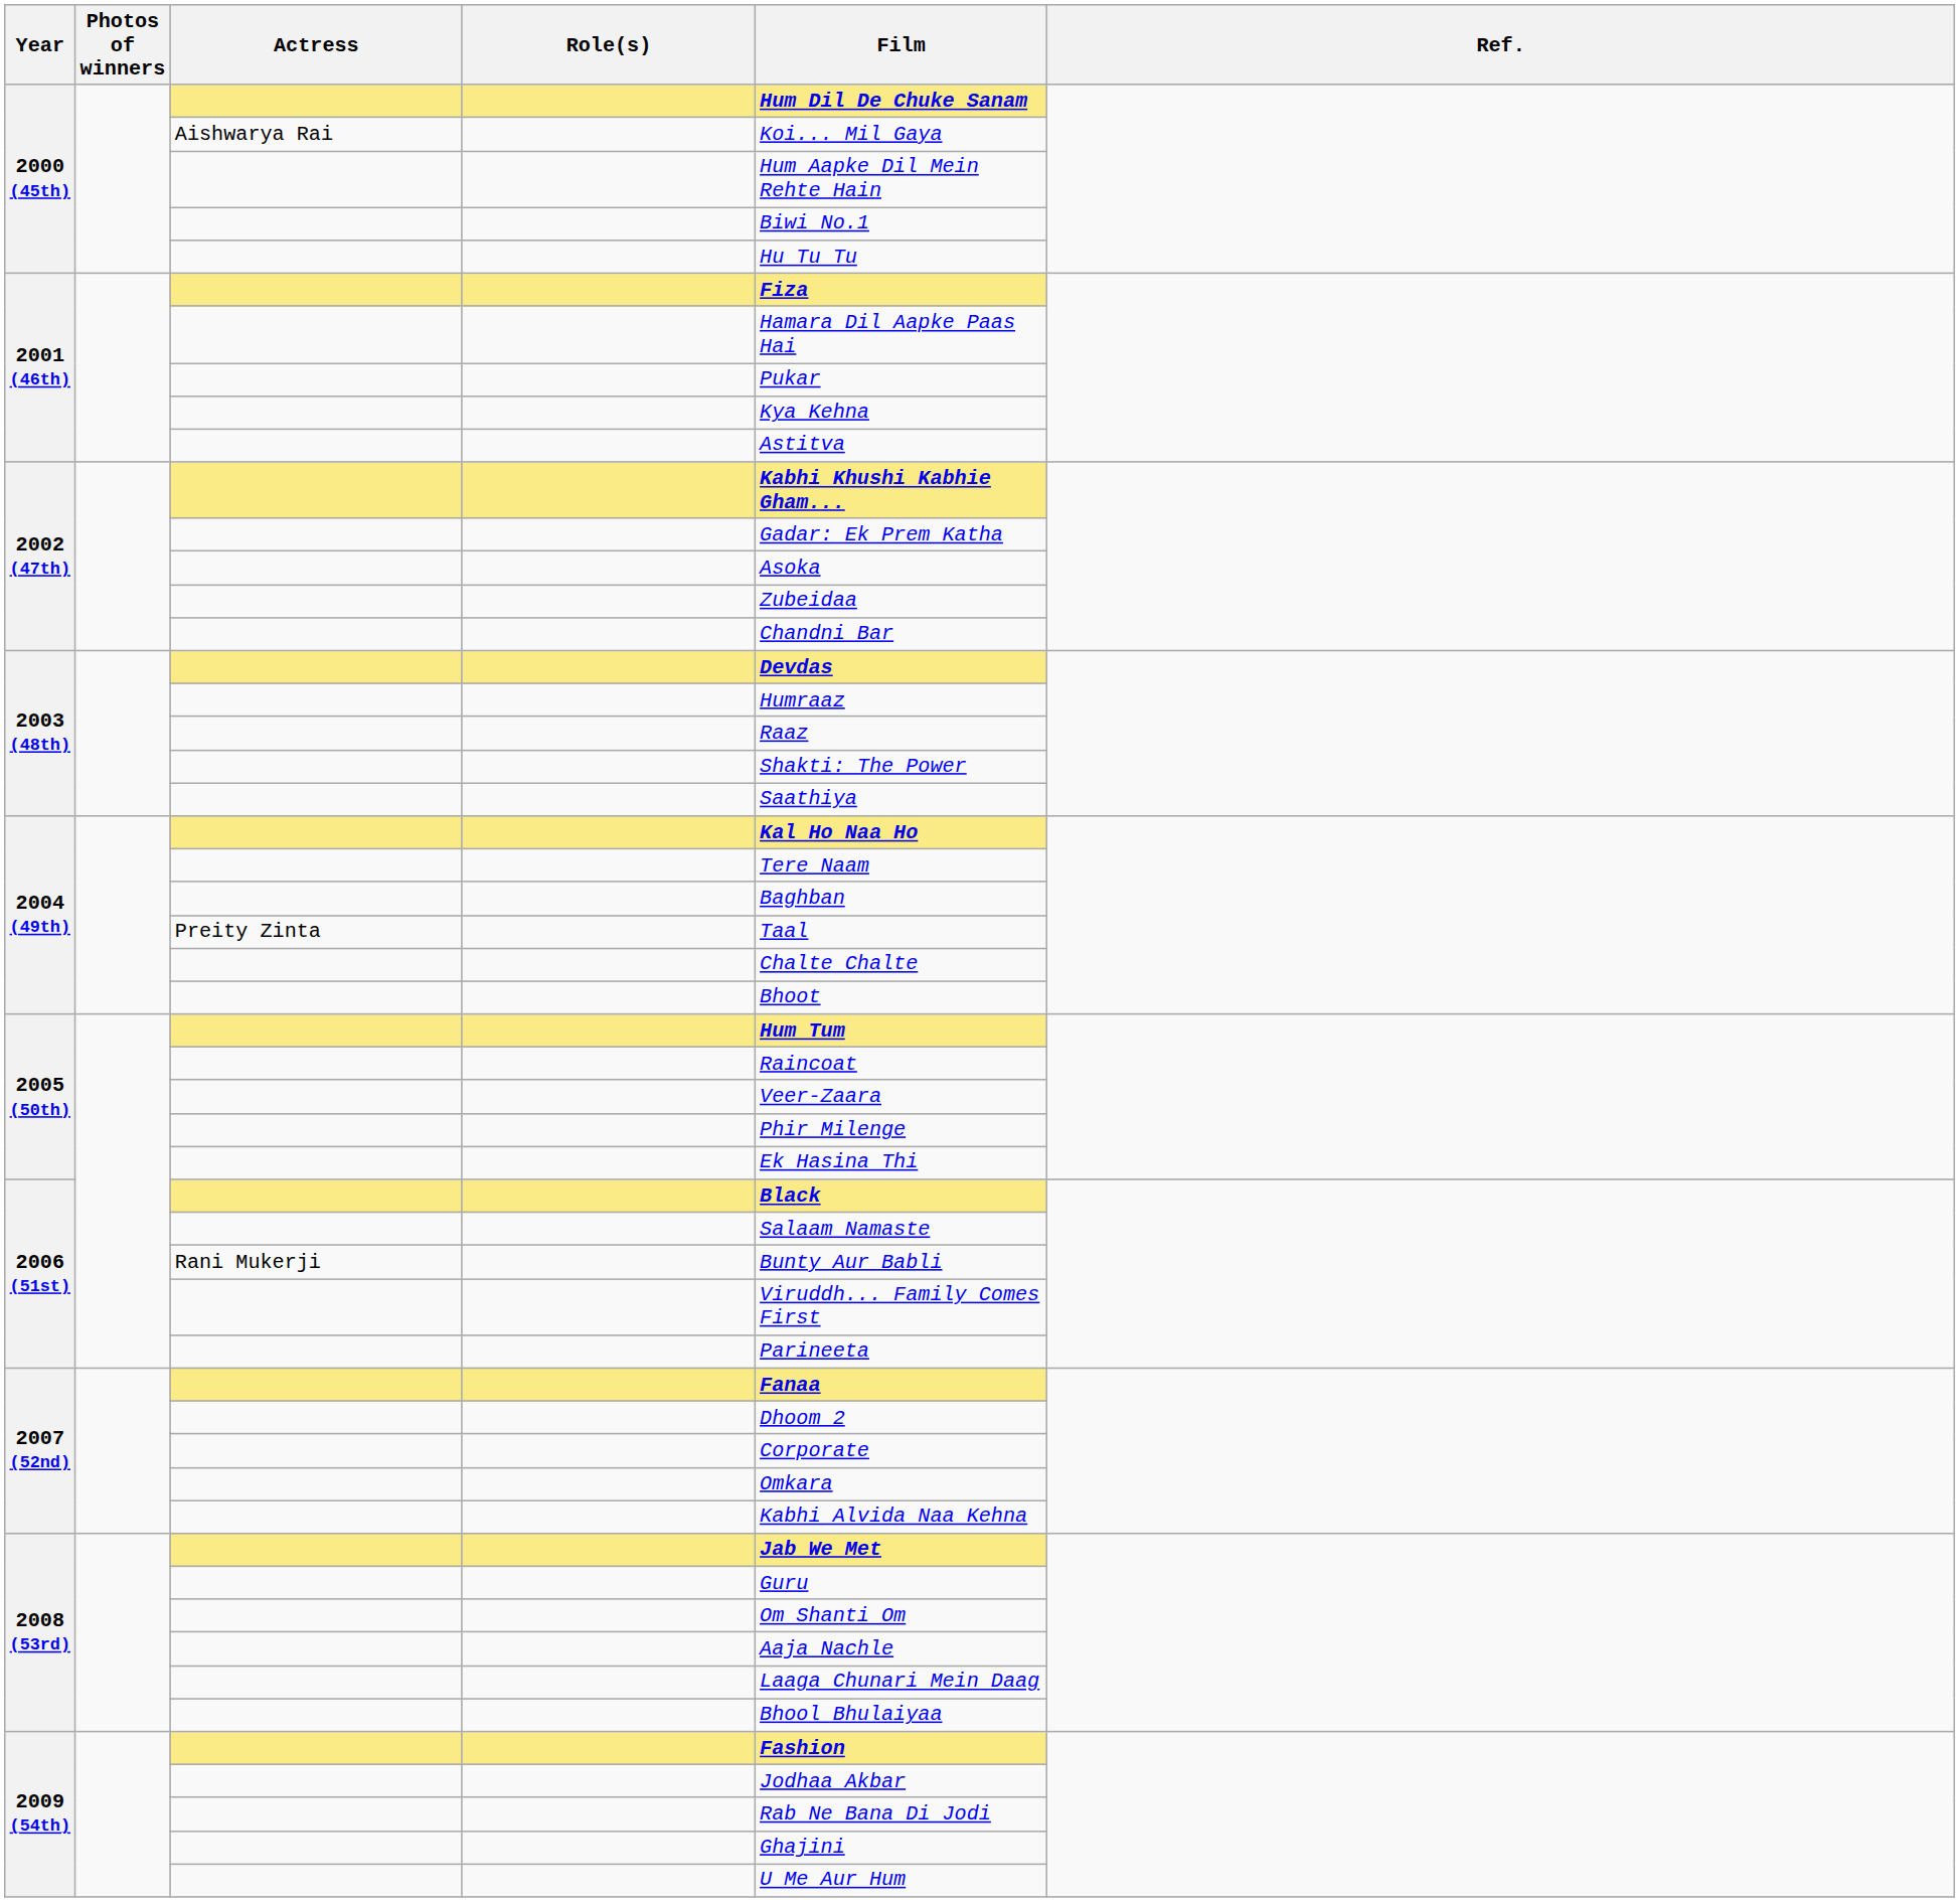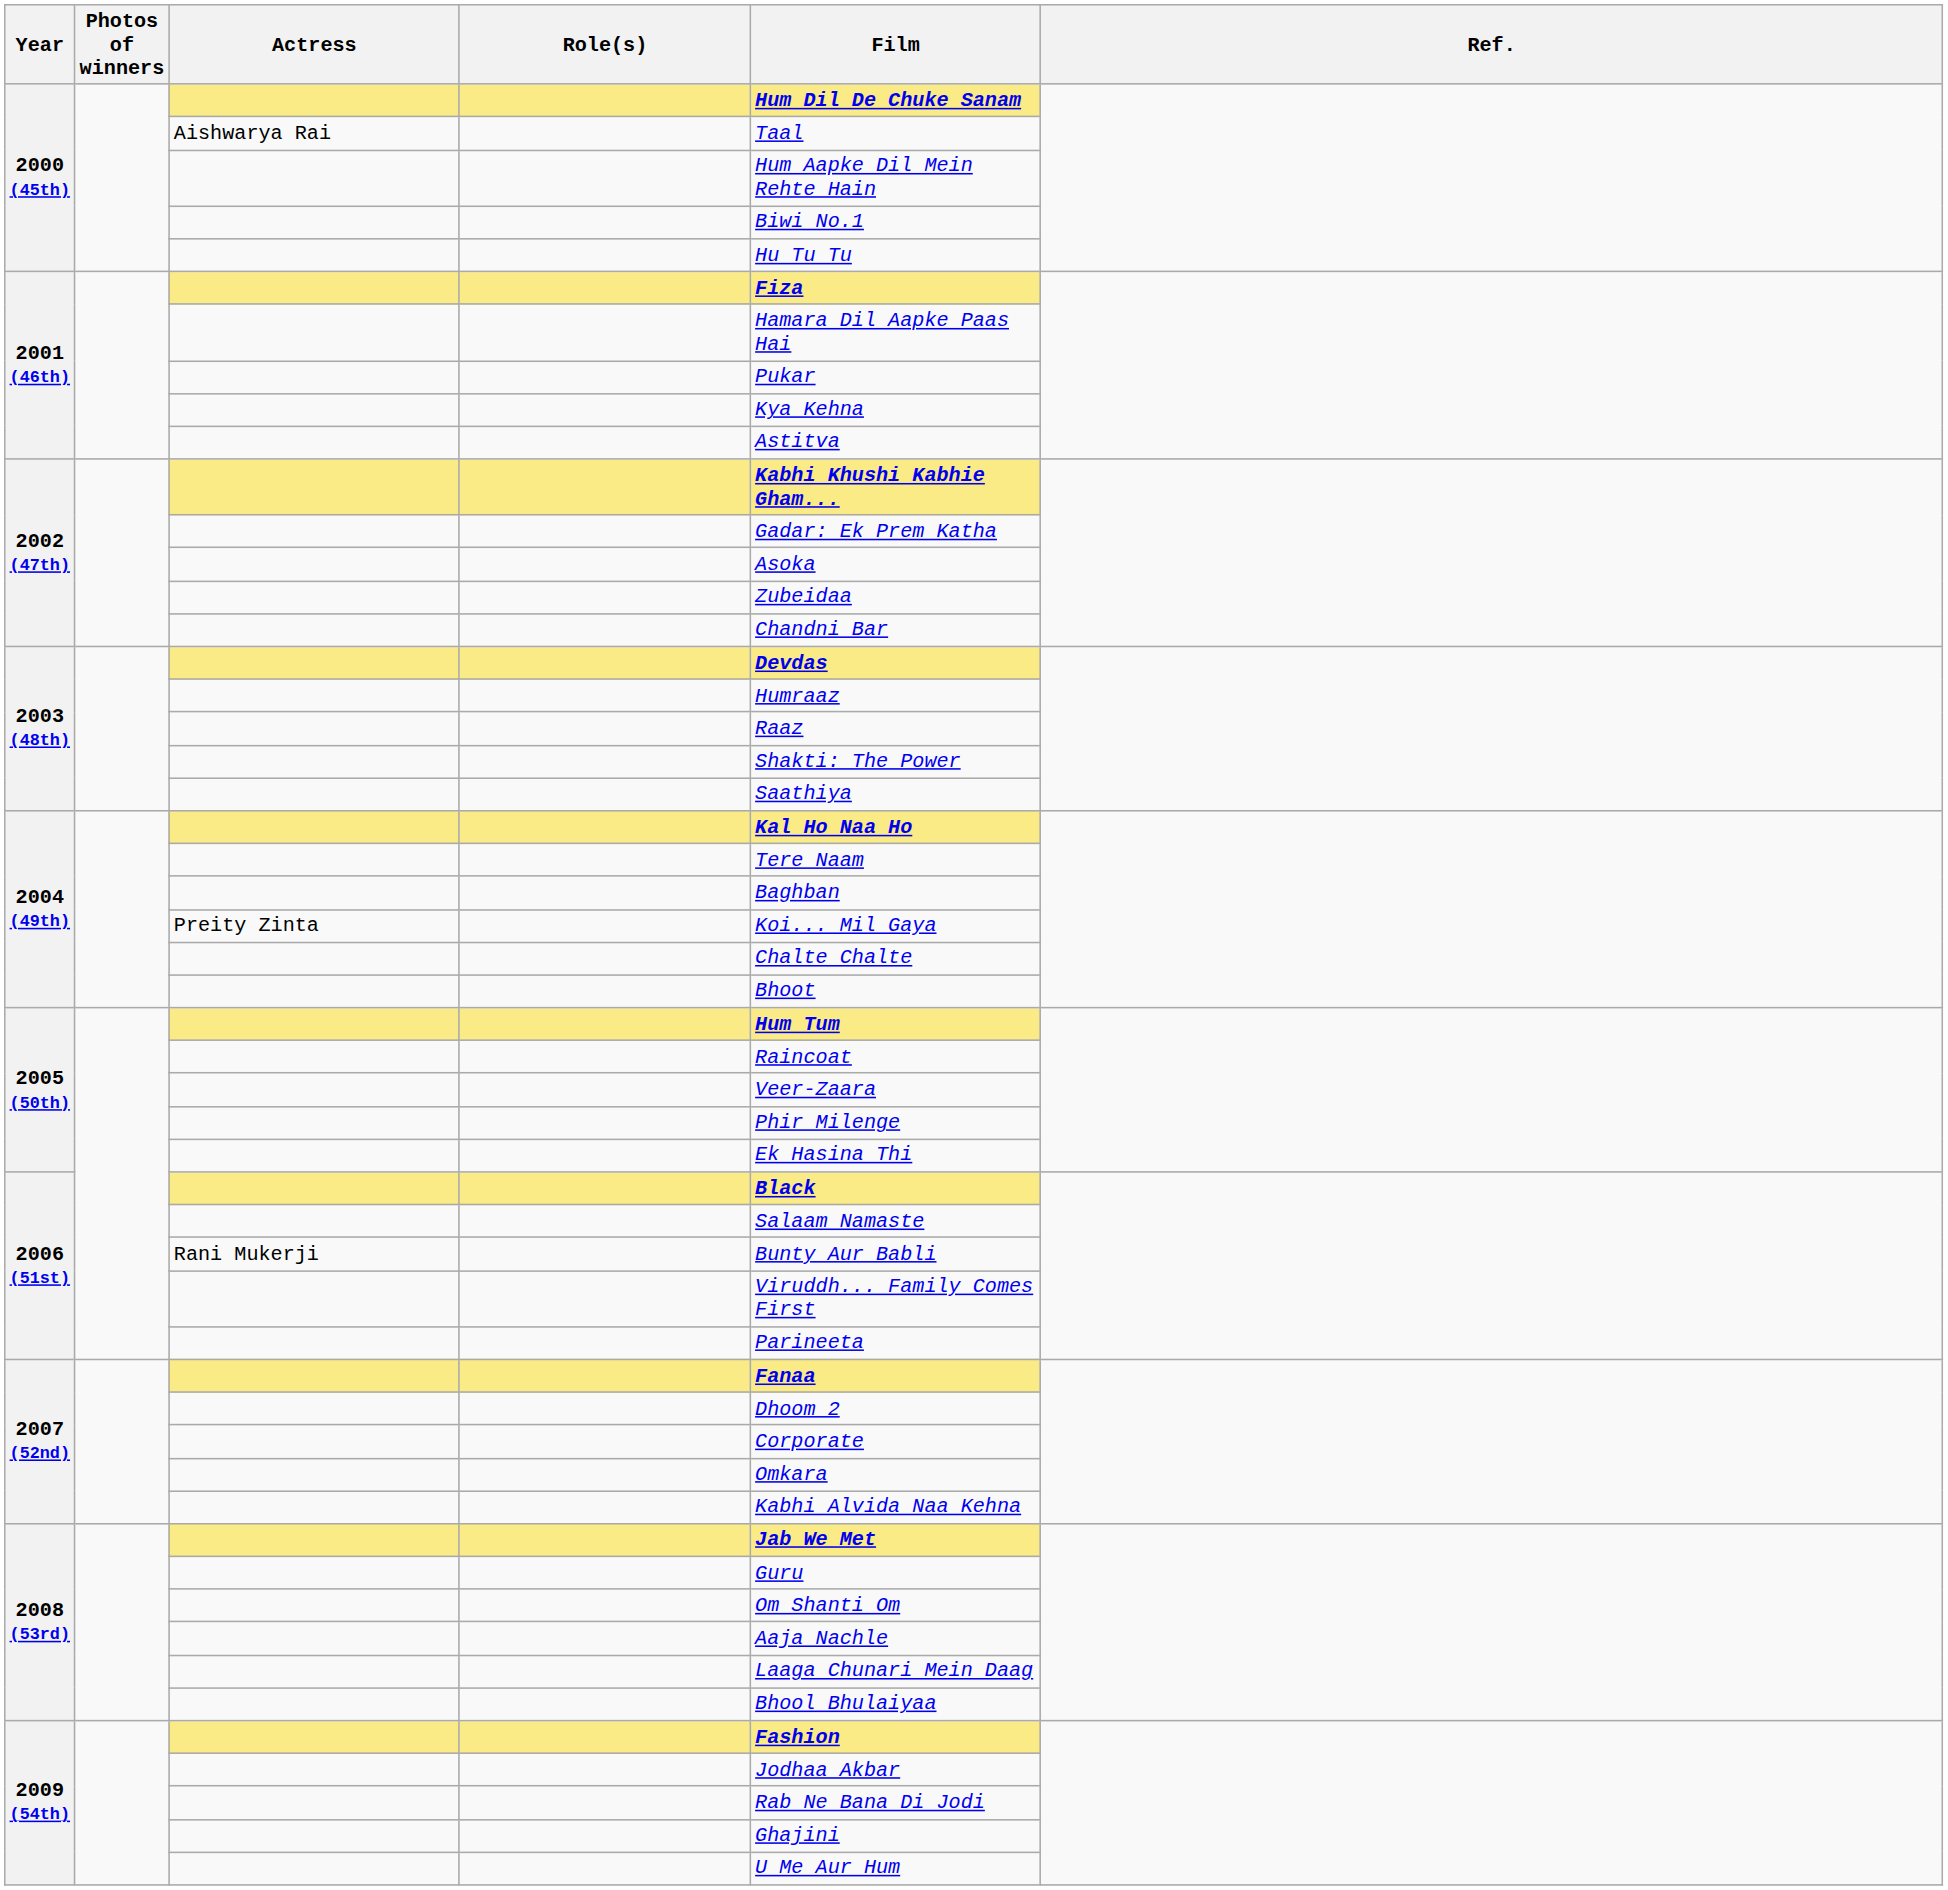 <table class="wikitable sortable" style="text-align:left;">
 <tr>
 <th scope="col" style="width:3%; text-align:center;">Year</th>
 <th scope="col" style="width:3%;text-align:center;">Photos of winners</th>
 <th scope="col" style="width:15%;text-align:center;">Actress</th>
 <th scope="col" style="width:15%;text-align:center;">Role(s)</th>
 <th scope="col" style="width:15%;text-align:center;">Film</th>
 <th>Ref.</th>
 </tr>
 <tr>
 <th scope="row" rowspan=5 style="text-align:center">2000 <br><small><a href='#'>(45th)</a> </small></th>
 <td rowspan=5 style="text-align:center"></td>
 <td style="background:#FAEB86;"><strong></strong> </td>
 <td style="background:#FAEB86;"><strong></strong></td>
 <td style="background:#FAEB86;"><strong><em><a href='#'>Hum Dil De Chuke Sanam</a></em></strong></td>
 <td rowspan="5"></td>
 </tr>
 <tr>
 <td>Aishwarya Rai</td>
 <td></td>
-<td><em><a href='#'>Koi... Mil Gaya</a></em></td>
+<td><em><a href='#'>Taal</a></em></td>
 </tr>
 <tr>
 <td></td>
 <td></td>
 <td><em><a href='#'>Hum Aapke Dil Mein Rehte Hain</a></em></td>
 </tr>
 <tr>
 <td></td>
 <td></td>
 <td><em><a href='#'>Biwi No.1</a></em></td>
 </tr>
 <tr>
 <td></td>
 <td></td>
 <td><em><a href='#'>Hu Tu Tu</a></em></td>
 </tr>
 <tr>
 <th scope="row" rowspan=5 style="text-align:center">2001 <br><small><a href='#'>(46th)</a> </small></th>
 <td rowspan=5 style="text-align:center"></td>
 <td style="background:#FAEB86;"><strong></strong> </td>
 <td style="background:#FAEB86;"><strong></strong></td>
 <td style="background:#FAEB86;"><strong><em><a href='#'>Fiza</a></em></strong></td>
 <td rowspan="5"></td>
 </tr>
 <tr>
 <td></td>
 <td></td>
 <td><em><a href='#'>Hamara Dil Aapke Paas Hai</a></em></td>
 </tr>
 <tr>
 <td></td>
 <td></td>
 <td><em><a href='#'>Pukar</a></em></td>
 </tr>
 <tr>
 <td></td>
 <td></td>
 <td><em><a href='#'>Kya Kehna</a></em></td>
 </tr>
 <tr>
 <td></td>
 <td></td>
 <td><em><a href='#'>Astitva</a></em></td>
 </tr>
 <tr>
 <th scope="row" rowspan=5 style="text-align:center">2002 <br><small><a href='#'>(47th)</a> </small></th>
 <td rowspan=5 style="text-align:center"></td>
 <td style="background:#FAEB86;"><strong></strong> </td>
 <td style="background:#FAEB86;"><strong></strong></td>
 <td style="background:#FAEB86;"><strong><em><a href='#'>Kabhi Khushi Kabhie Gham...</a></em></strong></td>
 <td rowspan="5"></td>
 </tr>
 <tr>
 <td></td>
 <td></td>
 <td><em><a href='#'>Gadar: Ek Prem Katha</a></em></td>
 </tr>
 <tr>
 <td></td>
 <td></td>
 <td><em><a href='#'>Asoka</a></em></td>
 </tr>
 <tr>
 <td></td>
 <td></td>
 <td><em><a href='#'>Zubeidaa</a></em></td>
 </tr>
 <tr>
 <td></td>
 <td></td>
 <td><em><a href='#'>Chandni Bar</a></em></td>
 </tr>
 <tr>
 <th scope="row" rowspan=5 style="text-align:center">2003 <br><small><a href='#'>(48th)</a> </small></th>
 <td rowspan=5 style="text-align:center"></td>
 <td style="background:#FAEB86;"><strong></strong> </td>
 <td style="background:#FAEB86;"><strong></strong></td>
 <td style="background:#FAEB86;"><strong><em><a href='#'>Devdas</a></em></strong></td>
 <td rowspan="5"></td>
 </tr>
 <tr>
 <td></td>
 <td></td>
 <td><em><a href='#'>Humraaz</a></em></td>
 </tr>
 <tr>
 <td></td>
 <td></td>
 <td><em><a href='#'>Raaz</a></em></td>
 </tr>
 <tr>
 <td></td>
 <td></td>
 <td><em><a href='#'>Shakti: The Power</a></em></td>
 </tr>
 <tr>
 <td></td>
 <td></td>
 <td><em><a href='#'>Saathiya</a></em></td>
 </tr>
 <tr>
 <th scope="row" rowspan=6 style="text-align:center">2004 <br><small><a href='#'>(49th)</a> </small></th>
 <td rowspan=6 style="text-align:center"></td>
 <td style="background:#FAEB86;"><strong></strong> </td>
 <td style="background:#FAEB86;"><strong></strong></td>
 <td style="background:#FAEB86;"><strong><em><a href='#'>Kal Ho Naa Ho</a></em></strong></td>
 <td rowspan="6"></td>
 </tr>
 <tr>
 <td></td>
 <td></td>
 <td><em><a href='#'>Tere Naam</a></em></td>
 </tr>
 <tr>
 <td></td>
 <td></td>
 <td><em><a href='#'>Baghban</a></em></td>
 </tr>
 <tr>
 <td>Preity Zinta</td>
 <td></td>
-<td><em><a href='#'>Taal</a></em></td>
+<td><em><a href='#'>Koi... Mil Gaya</a></em></td>
 </tr>
 <tr>
 <td></td>
 <td></td>
 <td><em><a href='#'>Chalte Chalte</a></em></td>
 </tr>
 <tr>
 <td></td>
 <td></td>
 <td><em><a href='#'>Bhoot</a></em></td>
 </tr>
 <tr>
 <th scope="row" rowspan=5 style="text-align:center">2005 <br><small><a href='#'>(50th)</a> </small></th>
 <td rowspan="10" style="text-align:center"></td>
 <td style="background:#FAEB86;"><strong></strong> </td>
 <td style="background:#FAEB86;"><strong></strong></td>
 <td style="background:#FAEB86;"><strong><em><a href='#'>Hum Tum</a></em></strong></td>
 <td rowspan="5"></td>
 </tr>
 <tr>
 <td></td>
 <td></td>
 <td><em><a href='#'>Raincoat</a></em></td>
 </tr>
 <tr>
 <td></td>
 <td></td>
 <td><em><a href='#'>Veer-Zaara</a></em></td>
 </tr>
 <tr>
 <td></td>
 <td></td>
 <td><em><a href='#'>Phir Milenge</a></em></td>
 </tr>
 <tr>
 <td></td>
 <td></td>
 <td><em><a href='#'>Ek Hasina Thi</a></em></td>
 </tr>
 <tr>
 <th scope="row" rowspan=5 style="text-align:center">2006 <br><small><a href='#'>(51st)</a> </small></th>
 <td style="background:#FAEB86;"><strong></strong> </td>
 <td style="background:#FAEB86;"><strong></strong></td>
 <td style="background:#FAEB86;"><strong><em><a href='#'>Black</a></em></strong></td>
 <td rowspan="5"></td>
 </tr>
 <tr>
 <td></td>
 <td></td>
 <td><em><a href='#'>Salaam Namaste</a></em></td>
 </tr>
 <tr>
 <td>Rani Mukerji</td>
 <td></td>
 <td><em><a href='#'>Bunty Aur Babli</a></em></td>
 </tr>
 <tr>
 <td></td>
 <td></td>
 <td><em><a href='#'>Viruddh... Family Comes First</a></em></td>
 </tr>
 <tr>
 <td></td>
 <td></td>
 <td><em><a href='#'>Parineeta</a></em></td>
 </tr>
 <tr>
 <th scope="row" rowspan=5 style="text-align:center">2007 <br><small><a href='#'>(52nd)</a> </small></th>
 <td rowspan=5 style="text-align:center"></td>
 <td style="background:#FAEB86;"><strong></strong> </td>
 <td style="background:#FAEB86;"><strong></strong></td>
 <td style="background:#FAEB86;"><strong><em><a href='#'>Fanaa</a></em></strong></td>
 <td rowspan="5"></td>
 </tr>
 <tr>
 <td></td>
 <td></td>
 <td><em><a href='#'>Dhoom 2</a></em></td>
 </tr>
 <tr>
 <td></td>
 <td></td>
 <td><em><a href='#'>Corporate</a></em></td>
 </tr>
 <tr>
 <td></td>
 <td></td>
 <td><em><a href='#'>Omkara</a></em></td>
 </tr>
 <tr>
 <td></td>
 <td></td>
 <td><em><a href='#'>Kabhi Alvida Naa Kehna</a></em></td>
 </tr>
 <tr>
 <th scope="row" rowspan=6 style="text-align:center">2008 <br><small><a href='#'>(53rd)</a> </small></th>
 <td rowspan=6 style="text-align:center"></td>
 <td style="background:#FAEB86;"><strong></strong> </td>
 <td style="background:#FAEB86;"><strong></strong></td>
 <td style="background:#FAEB86;"><strong><em><a href='#'>Jab We Met</a></em></strong></td>
 <td rowspan="6"></td>
 </tr>
 <tr>
 <td></td>
 <td></td>
 <td><em><a href='#'>Guru</a></em></td>
 </tr>
 <tr>
 <td></td>
 <td></td>
 <td><em><a href='#'>Om Shanti Om</a></em></td>
 </tr>
 <tr>
 <td></td>
 <td></td>
 <td><em><a href='#'>Aaja Nachle</a></em></td>
 </tr>
 <tr>
 <td></td>
 <td></td>
 <td><em><a href='#'>Laaga Chunari Mein Daag</a></em></td>
 </tr>
 <tr>
 <td></td>
 <td></td>
 <td><em><a href='#'>Bhool Bhulaiyaa</a></em></td>
 </tr>
 <tr>
 <th scope="row" rowspan=5 style="text-align:center">2009 <br><small><a href='#'>(54th)</a> </small></th>
 <td rowspan=5 style="text-align:center"></td>
 <td style="background:#FAEB86;"><strong></strong> </td>
 <td style="background:#FAEB86;"><strong></strong></td>
 <td style="background:#FAEB86;"><strong><em><a href='#'>Fashion</a></em></strong></td>
 <td rowspan="5"></td>
 </tr>
 <tr>
 <td></td>
 <td></td>
 <td><em><a href='#'>Jodhaa Akbar</a></em></td>
 </tr>
 <tr>
 <td></td>
 <td></td>
 <td><em><a href='#'>Rab Ne Bana Di Jodi</a></em></td>
 </tr>
 <tr>
 <td></td>
 <td></td>
 <td><em><a href='#'>Ghajini</a></em></td>
 </tr>
 <tr>
 <td></td>
 <td></td>
 <td><em><a href='#'>U Me Aur Hum</a></em></td>
 </tr>
 </table>
